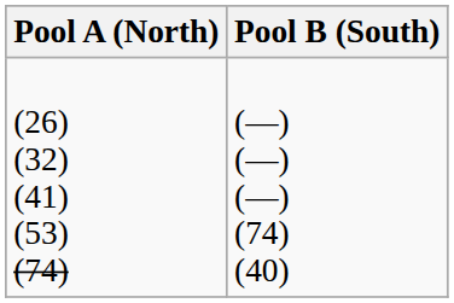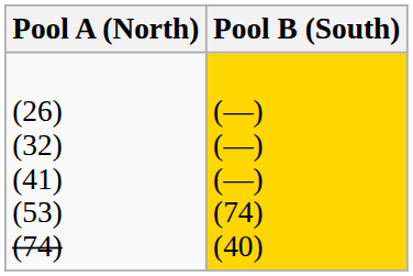 <table class="wikitable">
 <tr>
 <th width=50%>Pool A (North)</th>
 <th width=50%>Pool B (South)</th>
 </tr>
 <tr>
 <td><br> (26)<br>  (32)<br>  (41)<br>  (53)<br> <s> (74)</s></td>
-<td><br> (—)<br>  (—)<br>  (—)<br>  (74)<br>  (40)</td>
+<td style="background: gold;"><br> (—)<br>  (—)<br>  (—)<br>  (74)<br>  (40)</td>
 </tr>
 </table>
